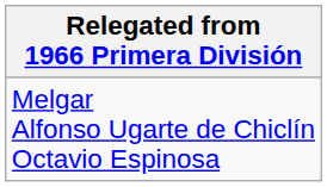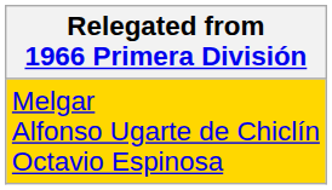 <table class="wikitable">
 <tr>
 <th>Relegated from<br><a href='#'>1966 Primera División</a></th>
 </tr>
 <tr>
-<td> <a href='#'>Melgar</a> <br> <a href='#'>Alfonso Ugarte de Chiclín</a> <br> <a href='#'>Octavio Espinosa</a> </td>
+<td style="background: gold;"> <a href='#'>Melgar</a> <br> <a href='#'>Alfonso Ugarte de Chiclín</a> <br> <a href='#'>Octavio Espinosa</a> </td>
 </tr>
 </table>
